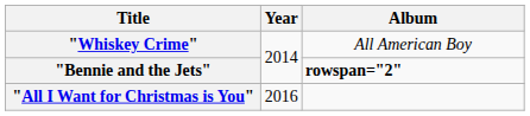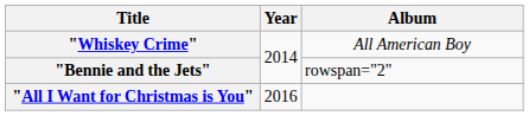 <table class="wikitable plainrowheaders" style="text-align:left;">
 <tr>
 <th scope="col" style="width:15em;">Title</th>
 <th scope="col" style="width:2em;">Year</th>
 <th scope="col" style="width:13em;">Album</th>
 </tr>
 <tr>
 <th scope="row">"<a href='#'>Whiskey Crime</a>"</th>
 <td rowspan="2">2014</td>
 <td style="text-align:center;"><em>All American Boy</em></td>
 </tr>
 <tr>
 <th scope="row">"Bennie and the Jets"</th>
-<td><strong>rowspan="2" </strong></td>
+<td>rowspan="2" </td>
 </tr>
 <tr>
 <th scope="row">"<a href='#'>All I Want for Christmas is You</a>"</th>
 <td rowspan="1">2016</td>
 </tr>
 </table>
